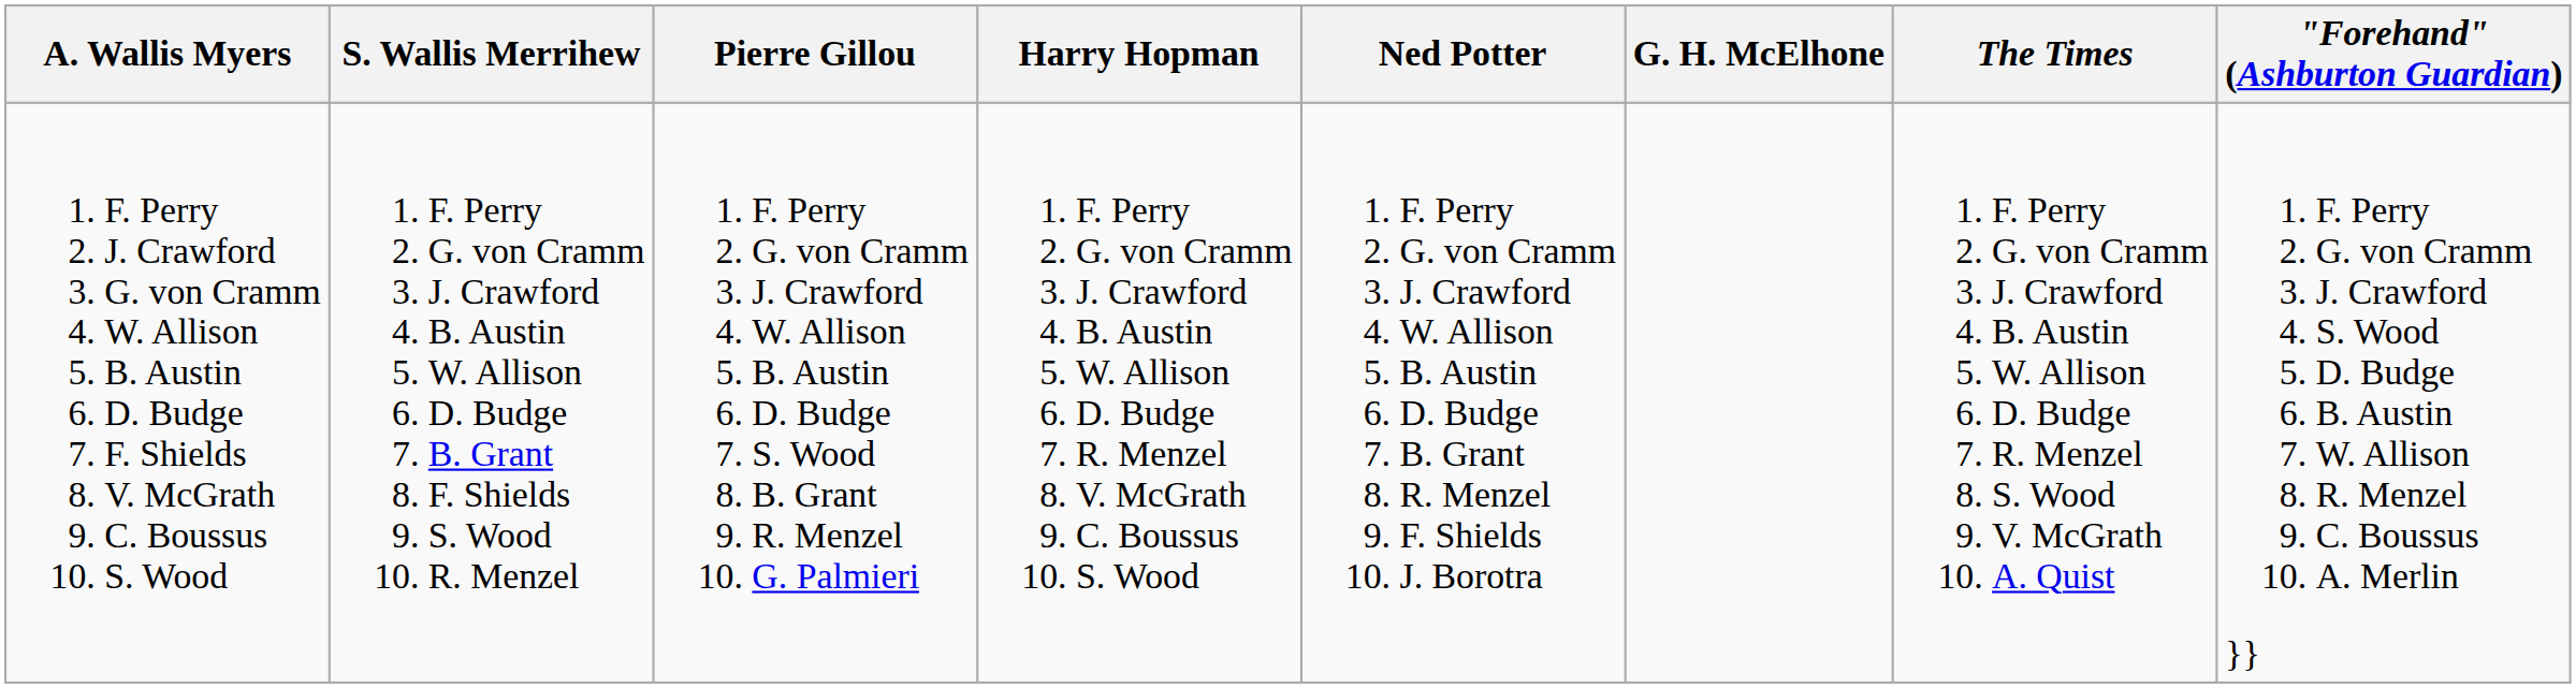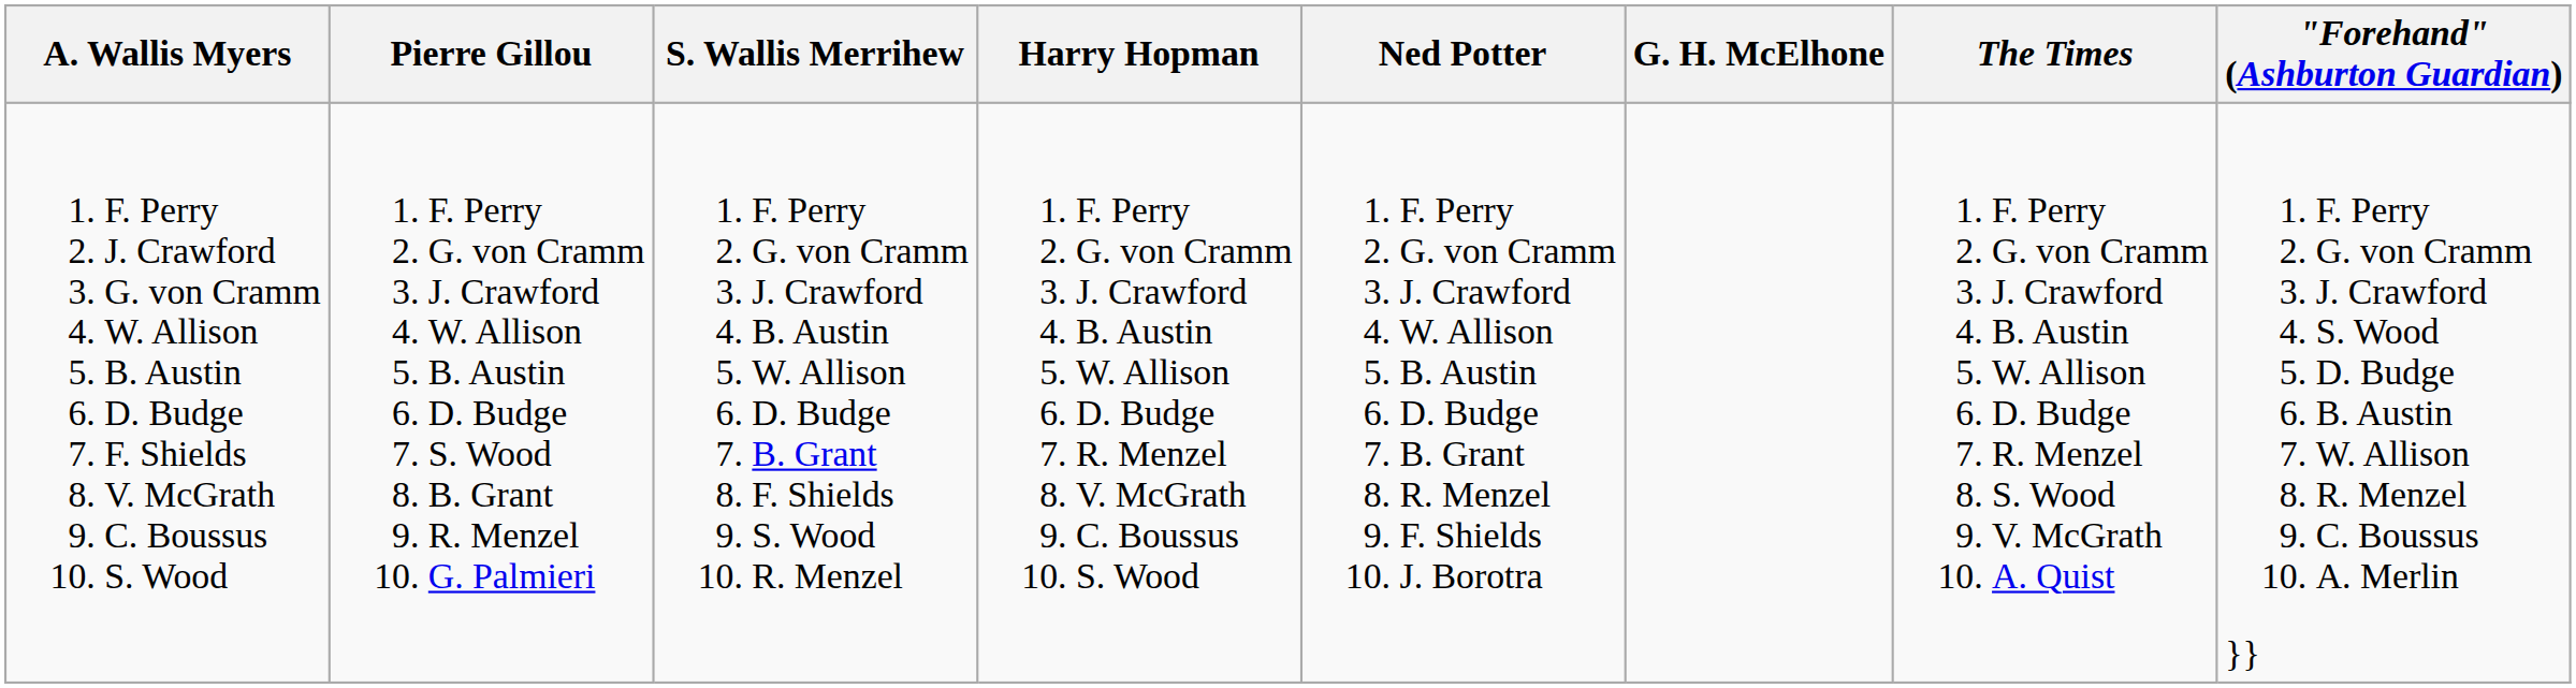 <table class="wikitable">
 <tr>
 <th>A. Wallis Myers</th>
+<th>Pierre Gillou</th>
 <th>S. Wallis Merrihew<em></em></th>
-<th>Pierre Gillou</th>
 <th>Harry Hopman</th>
 <th>Ned Potter</th>
 <th>G. H. McElhone</th>
 <th><em>The Times</em></th>
 <th><em>"Forehand"</em><br>(<em><a href='#'>Ashburton Guardian</a></em>)</th>
 </tr>
 <tr style="vertical-align: top;">
 <td style="white-space: nowrap;"><br><ol><li> F. Perry</li><li> J. Crawford</li><li> G. von Cramm</li><li> W. Allison</li><li> B. Austin</li><li> D. Budge</li><li> F. Shields</li><li> V. McGrath</li><li> C. Boussus</li><li> S. Wood</li></ol></td>
+<td style="white-space: nowrap;"><br><ol><li> F. Perry</li><li> G. von Cramm</li><li> J. Crawford</li><li> W. Allison</li><li> B. Austin</li><li> D. Budge</li><li> S. Wood</li><li> B. Grant</li><li> R. Menzel</li><li> <a href='#'>G. Palmieri</a></li></ol></td>
 <td style="white-space: nowrap;"><br><ol><li> F. Perry</li><li> G. von Cramm</li><li> J. Crawford</li><li> B. Austin</li><li> W. Allison</li><li> D. Budge</li><li> <a href='#'>B. Grant</a></li><li> F. Shields</li><li> S. Wood</li><li> R. Menzel</li></ol></td>
-<td style="white-space: nowrap;"><br><ol><li> F. Perry</li><li> G. von Cramm</li><li> J. Crawford</li><li> W. Allison</li><li> B. Austin</li><li> D. Budge</li><li> S. Wood</li><li> B. Grant</li><li> R. Menzel</li><li> <a href='#'>G. Palmieri</a></li></ol></td>
 <td style="white-space: nowrap;"><br><ol><li> F. Perry</li><li> G. von Cramm</li><li> J. Crawford</li><li> B. Austin</li><li> W. Allison</li><li> D. Budge</li><li> R. Menzel</li><li> V. McGrath</li><li> C. Boussus</li><li> S. Wood</li></ol></td>
 <td style="white-space: nowrap;"><br><ol><li> F. Perry</li><li> G. von Cramm</li><li> J. Crawford</li><li> W. Allison</li><li> B. Austin</li><li> D. Budge</li><li> B. Grant</li><li> R. Menzel</li><li> F. Shields</li><li> J. Borotra</li></ol></td>
 <td style="white-space: nowrap;"><br></td>
 <td style="white-space: nowrap;"><br><ol><li> F. Perry</li><li> G. von Cramm</li><li> J. Crawford</li><li> B. Austin</li><li> W. Allison</li><li> D. Budge</li><li> R. Menzel</li><li> S. Wood</li><li> V. McGrath</li><li> <a href='#'>A. Quist</a></li></ol></td>
 <td style="white-space: nowrap;"><br><ol><li> F. Perry</li><li> G. von Cramm</li><li> J. Crawford</li><li> S. Wood</li><li> D. Budge</li><li> B. Austin</li><li> W. Allison</li><li> R. Menzel</li><li> C. Boussus</li><li> A. Merlin</li></ol>}}</td>
 </tr>
 </table>
